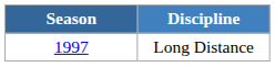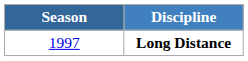 <table class="wikitable" style="font-size:95%; text-align:center; border:grey solid 1px; border-collapse:collapse; background:#ffffff;">
 <tr style="background-color:#369; color:white;">
 <td rowspan="2" colspan="1" style="width:110px"><strong>Season</strong></td>
 </tr>
 <tr style="background-color:#4180be; color:white;">
 <td style="width:110px"><strong>Discipline</strong></td>
 </tr>
 <tr>
 <td align=center><a href='#'>1997</a></td>
-<td align=center> Long Distance </td>
+<td align=center><strong> Long Distance </strong></td>
 </tr>
 </table>
